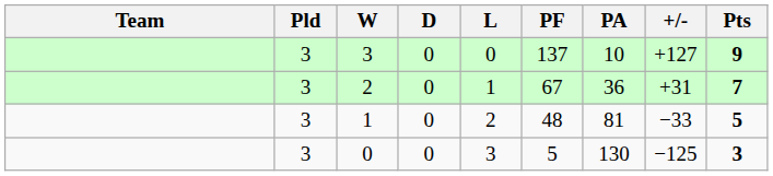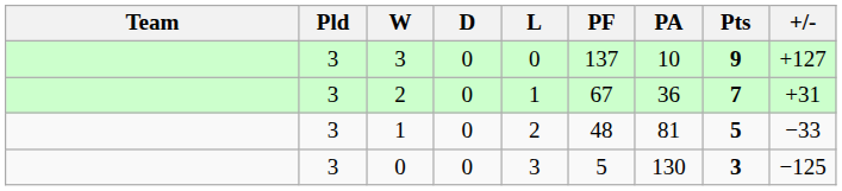 <table class="wikitable" style="text-align: center;">
 <tr>
 <th width="200">Team</th>
 <th width="40">Pld</th>
 <th width="40">W</th>
 <th width="40">D</th>
 <th width="40">L</th>
 <th width="40">PF</th>
 <th width="40">PA</th>
+<th width="40">Pts</th>
 <th width="40">+/-</th>
-<th width="40">Pts</th>
 </tr>
 <tr bgcolor=ccffcc>
 <td align=left></td>
 <td>3</td>
 <td>3</td>
 <td>0</td>
 <td>0</td>
 <td>137</td>
 <td>10</td>
+<td><strong>9</strong></td>
 <td>+127</td>
-<td><strong>9</strong></td>
 </tr>
 <tr bgcolor=ccffcc>
 <td align=left></td>
 <td>3</td>
 <td>2</td>
 <td>0</td>
 <td>1</td>
 <td>67</td>
 <td>36</td>
+<td><strong>7</strong></td>
 <td>+31</td>
-<td><strong>7</strong></td>
 </tr>
 <tr>
 <td align=left></td>
 <td>3</td>
 <td>1</td>
 <td>0</td>
 <td>2</td>
 <td>48</td>
 <td>81</td>
+<td><strong>5</strong></td>
 <td>−33</td>
-<td><strong>5</strong></td>
 </tr>
 <tr>
 <td align=left></td>
 <td>3</td>
 <td>0</td>
 <td>0</td>
 <td>3</td>
 <td>5</td>
 <td>130</td>
+<td><strong>3</strong></td>
 <td>−125</td>
-<td><strong>3</strong></td>
 </tr>
 </table>
